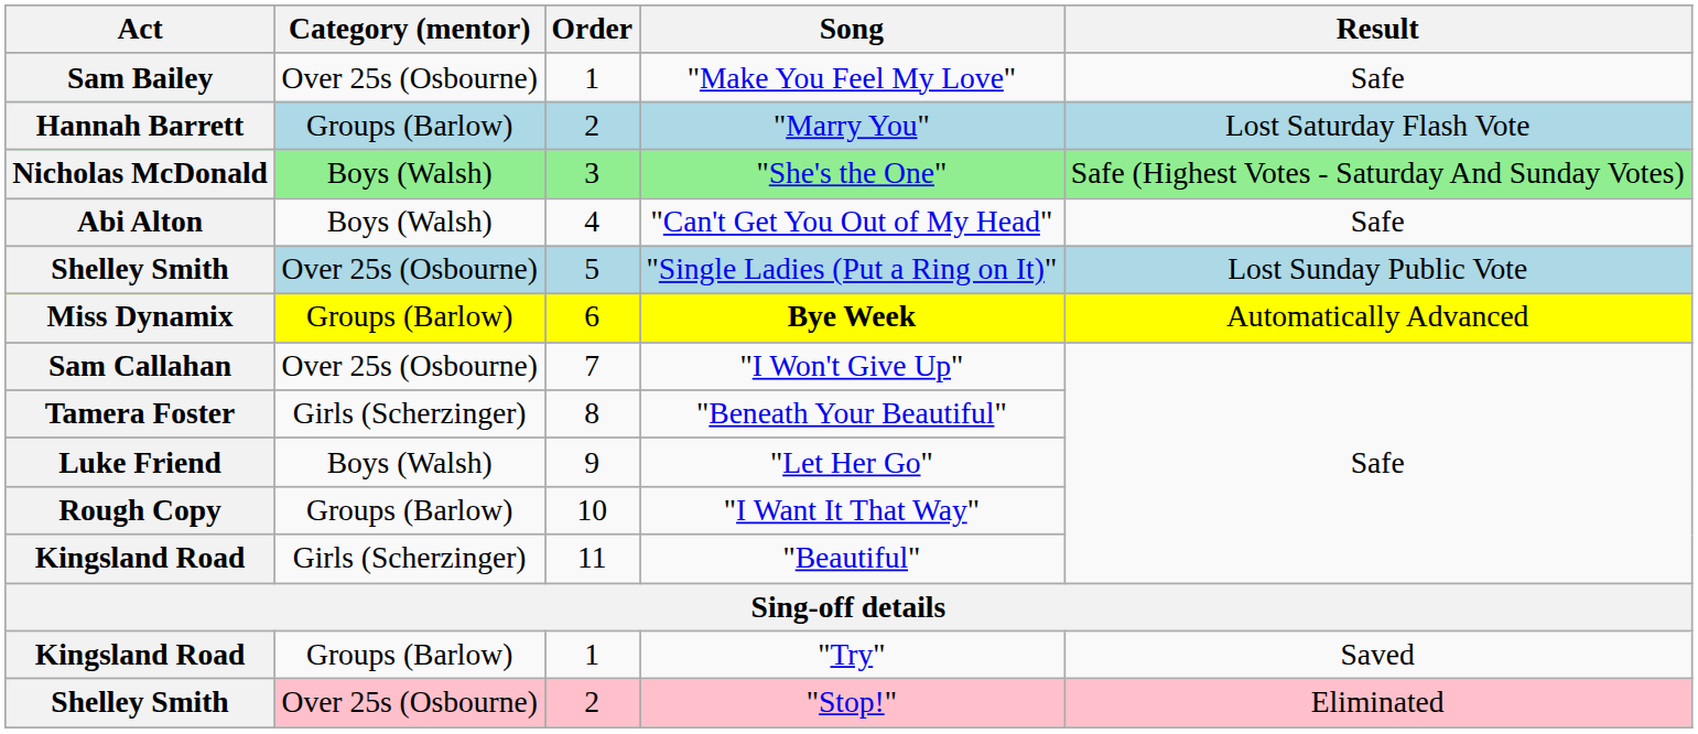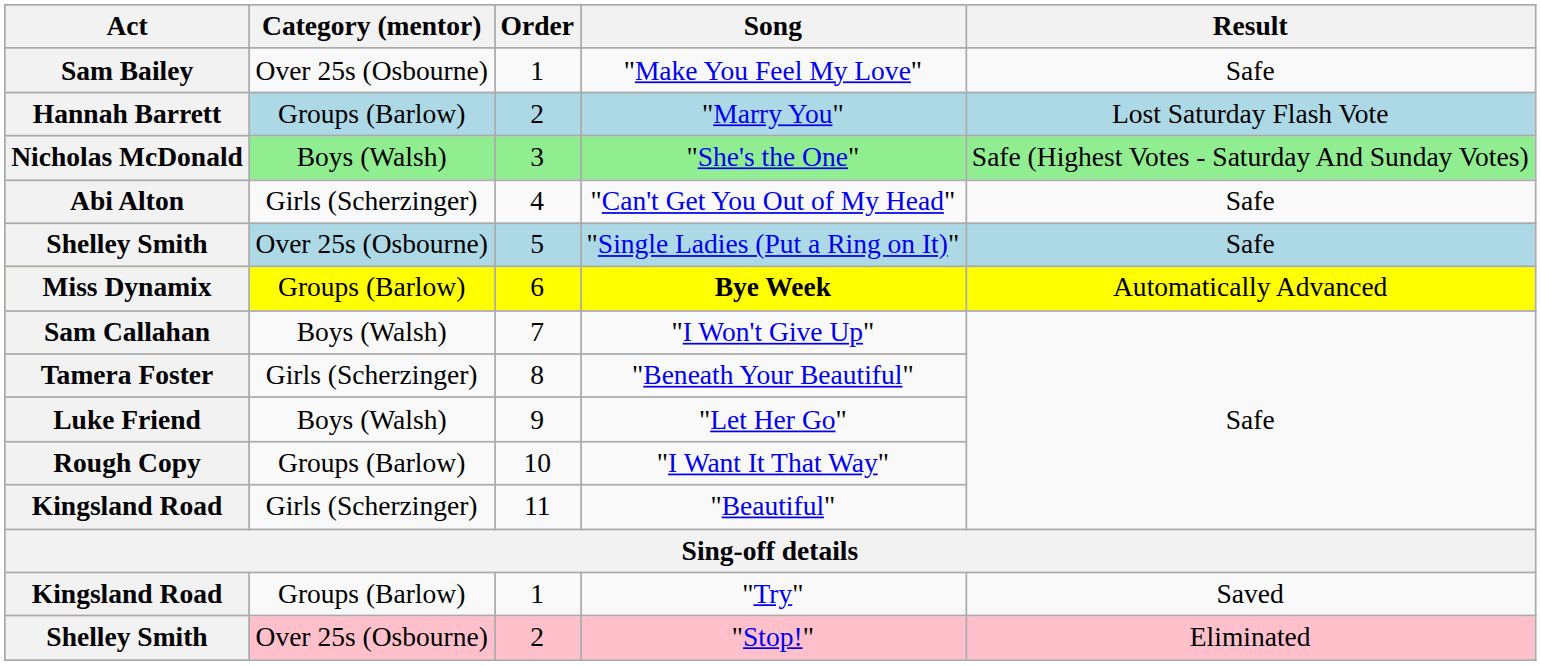 <table class="wikitable plainrowheaders" style="text-align:center;">
 <tr>
 <th scope="col">Act</th>
 <th scope="col">Category (mentor)</th>
 <th scope="col">Order</th>
 <th scope="col">Song</th>
 <th scope="col">Result</th>
 </tr>
 <tr>
 <th scope="row">Sam Bailey</th>
 <td>Over 25s (Osbourne)</td>
 <td>1</td>
 <td>"<a href='#'>Make You Feel My Love</a>"</td>
 <td>Safe</td>
 </tr>
 <tr style="background:lightblue;">
 <th scope="row">Hannah Barrett</th>
 <td>Groups (Barlow)</td>
 <td>2</td>
 <td>"<a href='#'>Marry You</a>"</td>
 <td>Lost Saturday Flash Vote</td>
 </tr>
 <tr style="background:lightgreen;">
 <th scope="row">Nicholas McDonald</th>
 <td>Boys (Walsh)</td>
 <td>3</td>
 <td>"<a href='#'>She's the One</a>"</td>
 <td>Safe (Highest Votes - Saturday And Sunday Votes)</td>
 </tr>
 <tr>
 <th scope="row">Abi Alton</th>
-<td>Boys (Walsh)</td>
+<td>Girls (Scherzinger)</td>
 <td>4</td>
 <td>"<a href='#'>Can't Get You Out of My Head</a>"</td>
 <td>Safe</td>
 </tr>
 <tr bgcolor=lightblue>
 <th scope="row">Shelley Smith</th>
 <td>Over 25s (Osbourne)</td>
 <td>5</td>
 <td>"<a href='#'>Single Ladies (Put a Ring on It)</a>"</td>
-<td>Lost Sunday Public Vote</td>
+<td>Safe</td>
 </tr>
 <tr style="background:yellow;">
 <th scope="row">Miss Dynamix</th>
 <td>Groups (Barlow)</td>
 <td>6</td>
 <th style="background:yellow;">Bye Week</th>
 <td>Automatically Advanced</td>
 </tr>
 <tr>
 <th scope="row">Sam Callahan</th>
-<td>Over 25s (Osbourne)</td>
+<td>Boys (Walsh)</td>
 <td>7</td>
 <td>"<a href='#'>I Won't Give Up</a>"</td>
 <td rowspan=5>Safe</td>
 </tr>
 <tr>
 <th scope="row">Tamera Foster</th>
 <td>Girls (Scherzinger)</td>
 <td>8</td>
 <td>"<a href='#'>Beneath Your Beautiful</a>"</td>
 </tr>
 <tr>
 <th scope="row">Luke Friend</th>
 <td>Boys (Walsh)</td>
 <td>9</td>
 <td>"<a href='#'>Let Her Go</a>"</td>
 </tr>
 <tr>
 <th scope="row">Rough Copy</th>
 <td>Groups (Barlow)</td>
 <td>10</td>
 <td>"<a href='#'>I Want It That Way</a>"</td>
 </tr>
 <tr>
 <th scope="row">Kingsland Road</th>
 <td>Girls (Scherzinger)</td>
 <td>11</td>
 <td>"<a href='#'>Beautiful</a>"</td>
 </tr>
 <tr>
 <th colspan="5">Sing-off details</th>
 </tr>
 <tr>
 <th scope="row">Kingsland Road</th>
 <td>Groups (Barlow)</td>
 <td>1</td>
 <td>"<a href='#'>Try</a>"</td>
 <td>Saved</td>
 </tr>
 <tr style="background:pink;">
 <th scope="row">Shelley Smith</th>
 <td>Over 25s (Osbourne)</td>
 <td>2</td>
 <td>"<a href='#'>Stop!</a>"</td>
 <td>Eliminated</td>
 </tr>
 </table>
